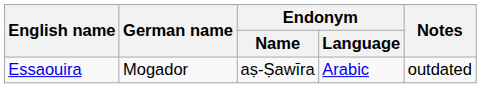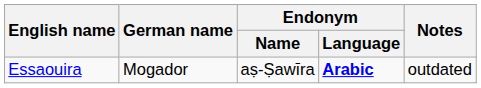 <table class="wikitable sortable mw-collapsible">
 <tr>
 <th rowspan="2">English name</th>
 <th rowspan="2">German name</th>
 <th colspan="2">Endonym</th>
 <th rowspan="2">Notes</th>
 </tr>
 <tr>
 <th>Name</th>
 <th>Language</th>
 </tr>
 <tr>
 <td><a href='#'>Essaouira</a></td>
 <td>Mogador</td>
 <td>aṣ-Ṣawīra</td>
-<td><a href='#'>Arabic</a></td>
+<td><strong><a href='#'>Arabic</a></strong></td>
 <td>outdated</td>
 </tr>
 </table>
